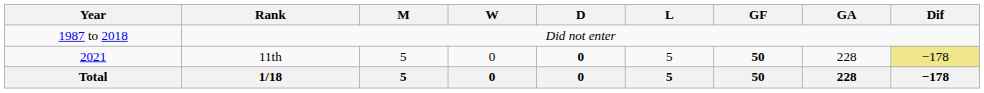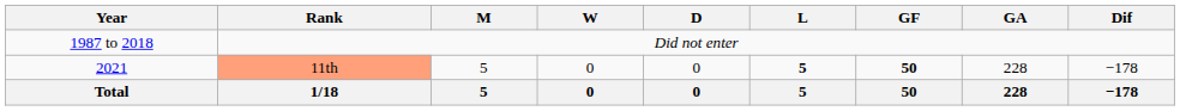 <table class="wikitable sortable" width=60% style="text-align:center">
 <tr>
 <th width=10%>Year</th>
 <th width=10%>Rank</th>
 <th width=5%>M</th>
 <th width=5%>W</th>
 <th width=5%>D</th>
 <th width=5%>L</th>
 <th width=5%>GF</th>
 <th width=5%>GA</th>
 <th width=5%>Dif</th>
 </tr>
 <tr>
 <td style=text-align=left> <a href='#'>1987</a> to  <a href='#'>2018</a></td>
 <td colspan=8><em>Did not enter</em></td>
 </tr>
 <tr>
 <td style=text-align=left> <a href='#'>2021</a></td>
-<td>11th</td>
+<td style="background: lightsalmon;">11th</td>
 <td>5</td>
 <td>0</td>
-<td><strong>0</strong></td>
-<td>5</td>
+<td>0</td>
+<td><strong>5</strong></td>
 <td><strong>50</strong></td>
 <td>228</td>
-<td style="background: khaki;">−178</td>
+<td>−178</td>
 </tr>
 <tr>
 <th align=center>Total</th>
 <th>1/18</th>
 <th>5</th>
 <th>0</th>
 <th>0</th>
 <th>5</th>
 <th>50</th>
 <th>228</th>
 <th>−178</th>
 </tr>
 </table>
